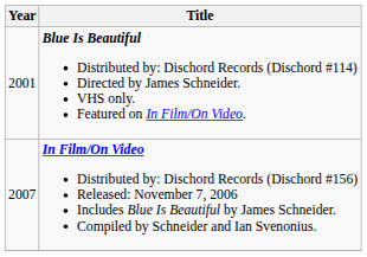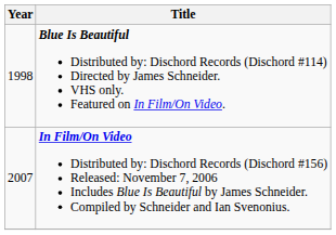 <table class="wikitable">
 <tr>
 <th>Year</th>
 <th>Title</th>
 </tr>
 <tr>
-<td align="center">2001</td>
+<td align="center">1998</td>
 <td><strong><em>Blue Is Beautiful</em></strong><br><ul><li>Distributed by: Dischord Records (Dischord #114)</li><li>Directed by James Schneider.</li><li>VHS only.</li><li>Featured on <em><a href='#'>In Film/On Video</a></em>.</li></ul></td>
 </tr>
 <tr>
 <td align="center">2007</td>
 <td><strong><em><a href='#'>In Film/On Video</a></em></strong><br><ul><li>Distributed by: Dischord Records (Dischord #156)</li><li>Released: November 7, 2006</li><li>Includes <em>Blue Is Beautiful</em> by James Schneider.</li><li>Compiled by Schneider and Ian Svenonius.</li></ul></td>
 </tr>
 <tr>
 </tr>
 </table>
